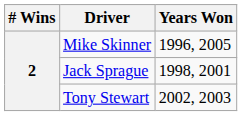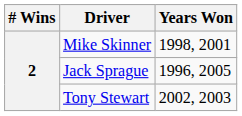 <table class="wikitable" style="font-size: 95%;">
 <tr>
 <th># Wins</th>
 <th>Driver</th>
 <th>Years Won</th>
 </tr>
 <tr>
 <th rowspan="3">2</th>
 <td><a href='#'>Mike Skinner</a></td>
-<td>1996, 2005</td>
+<td>1998, 2001</td>
 </tr>
 <tr>
 <td><a href='#'>Jack Sprague</a></td>
-<td>1998, 2001</td>
+<td>1996, 2005</td>
 </tr>
 <tr>
 <td><a href='#'>Tony Stewart</a></td>
 <td>2002, 2003</td>
 </tr>
 </table>
